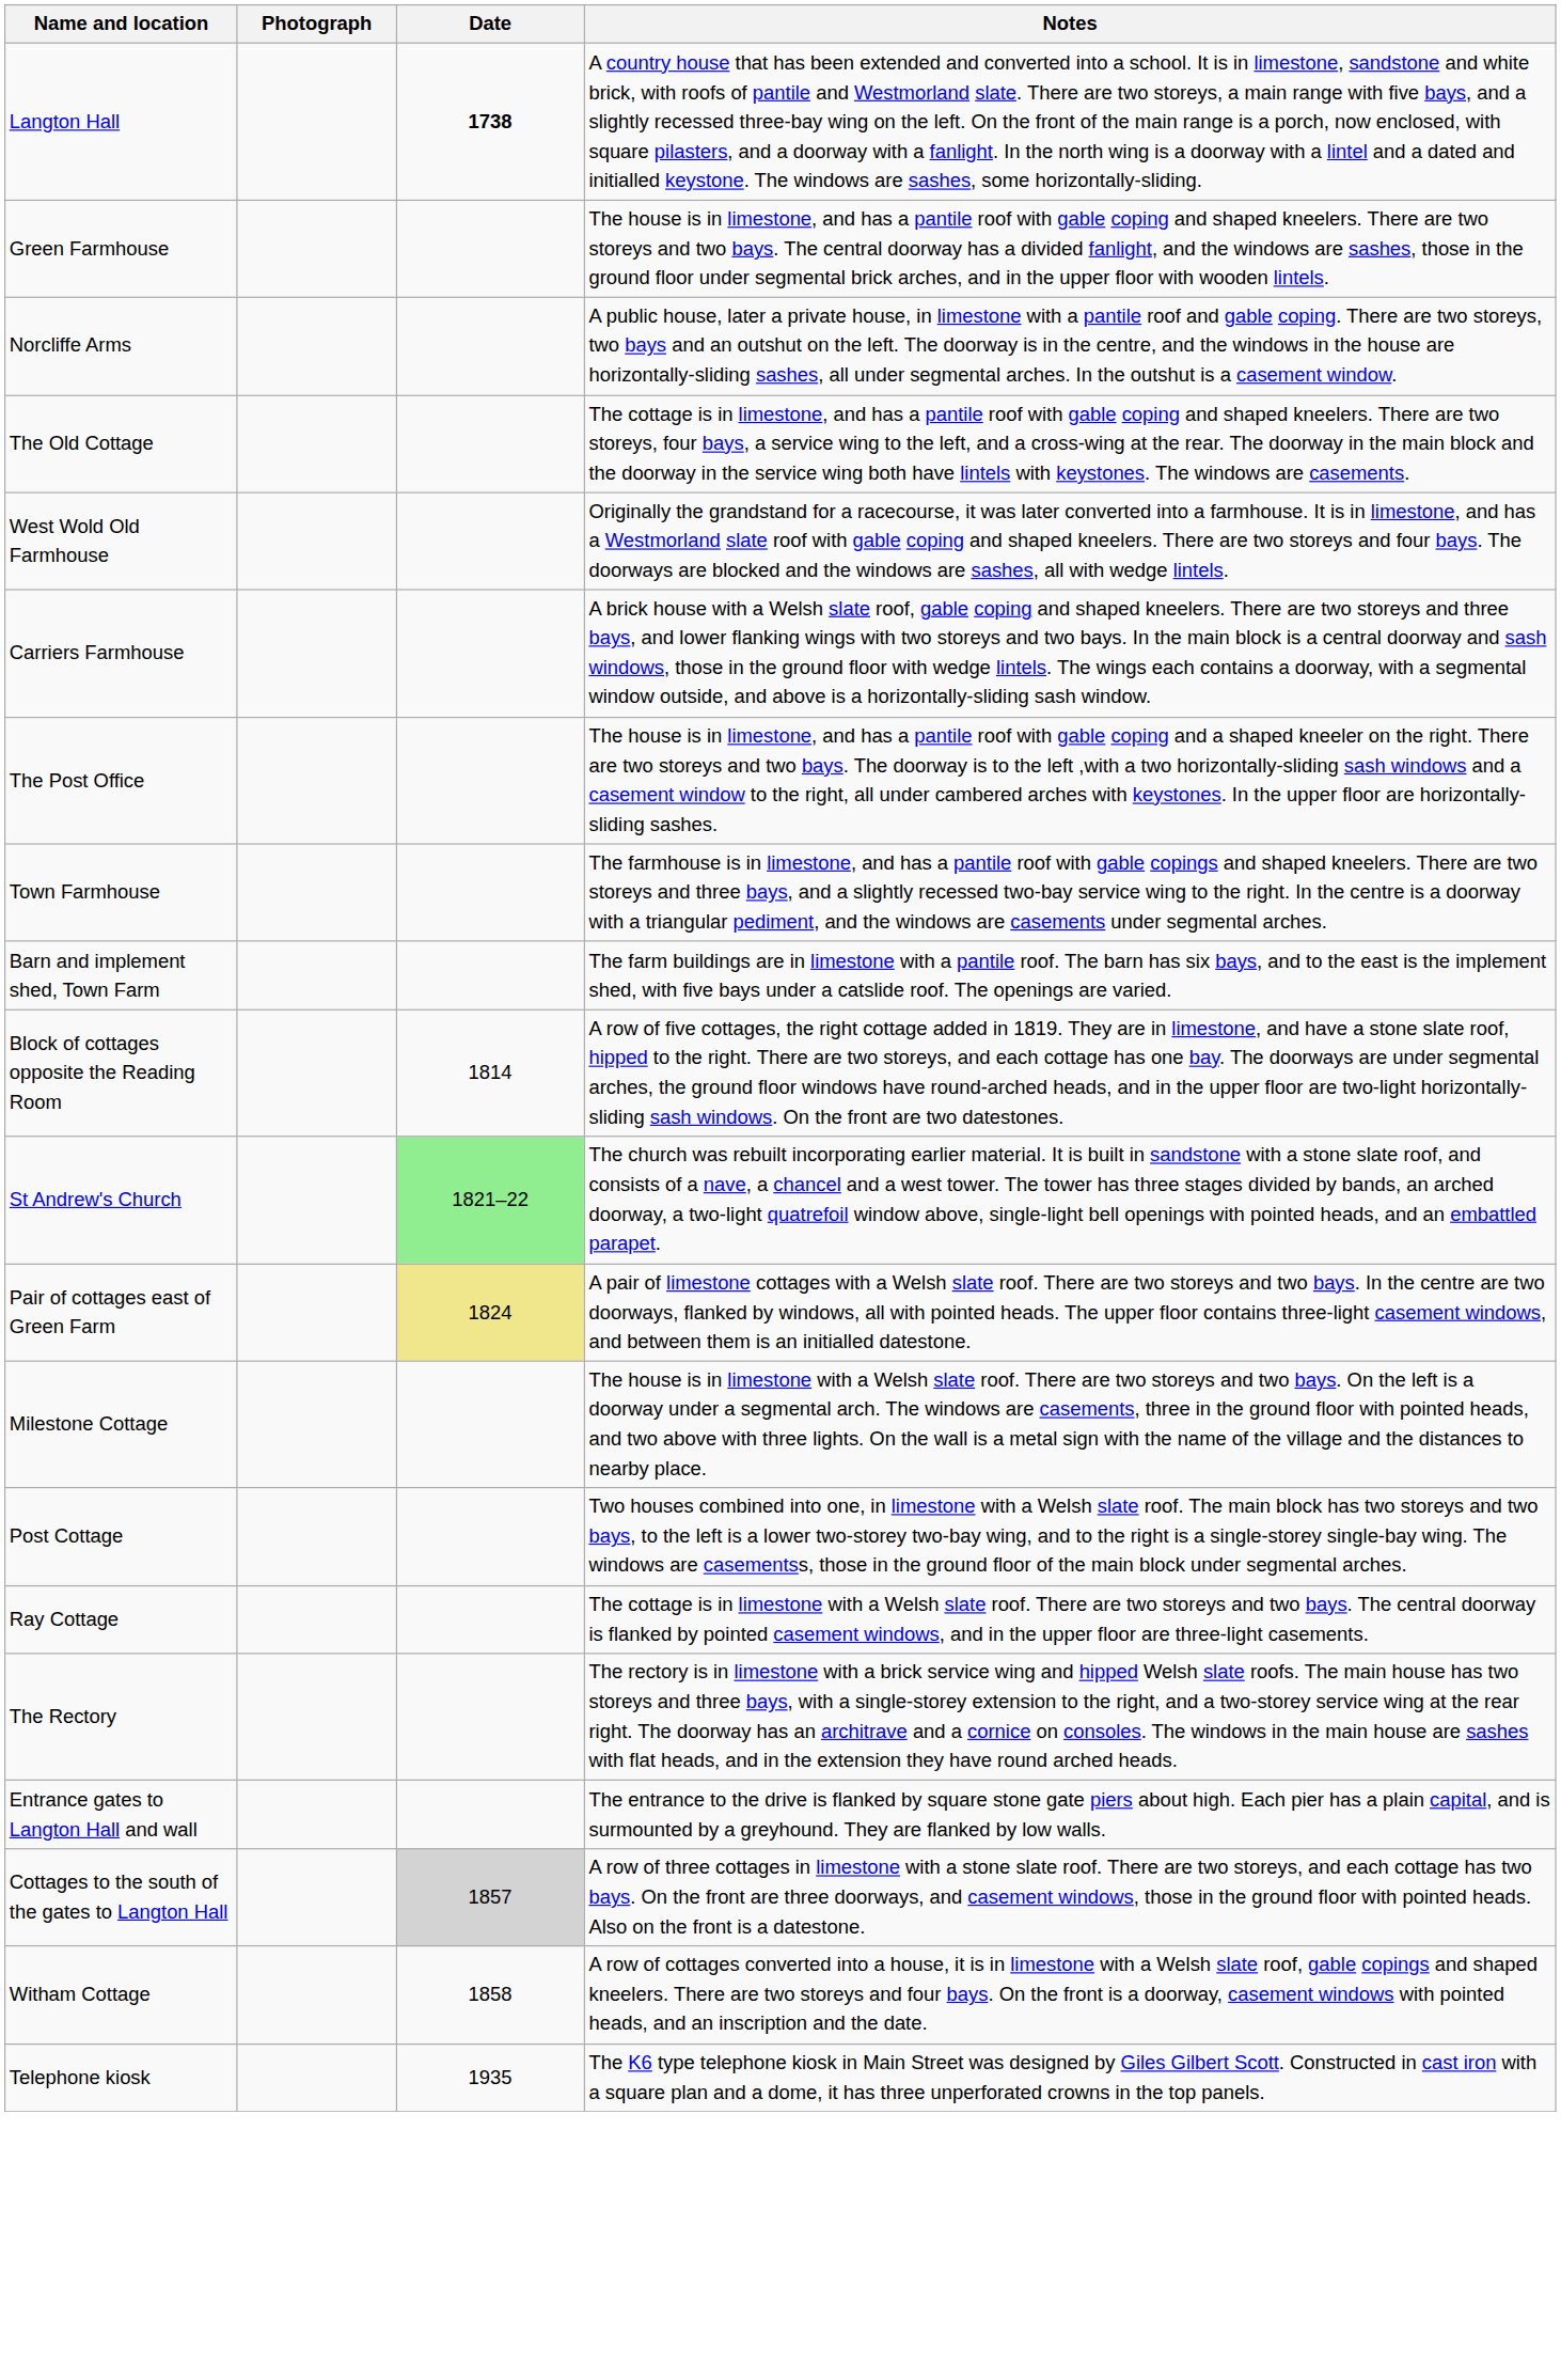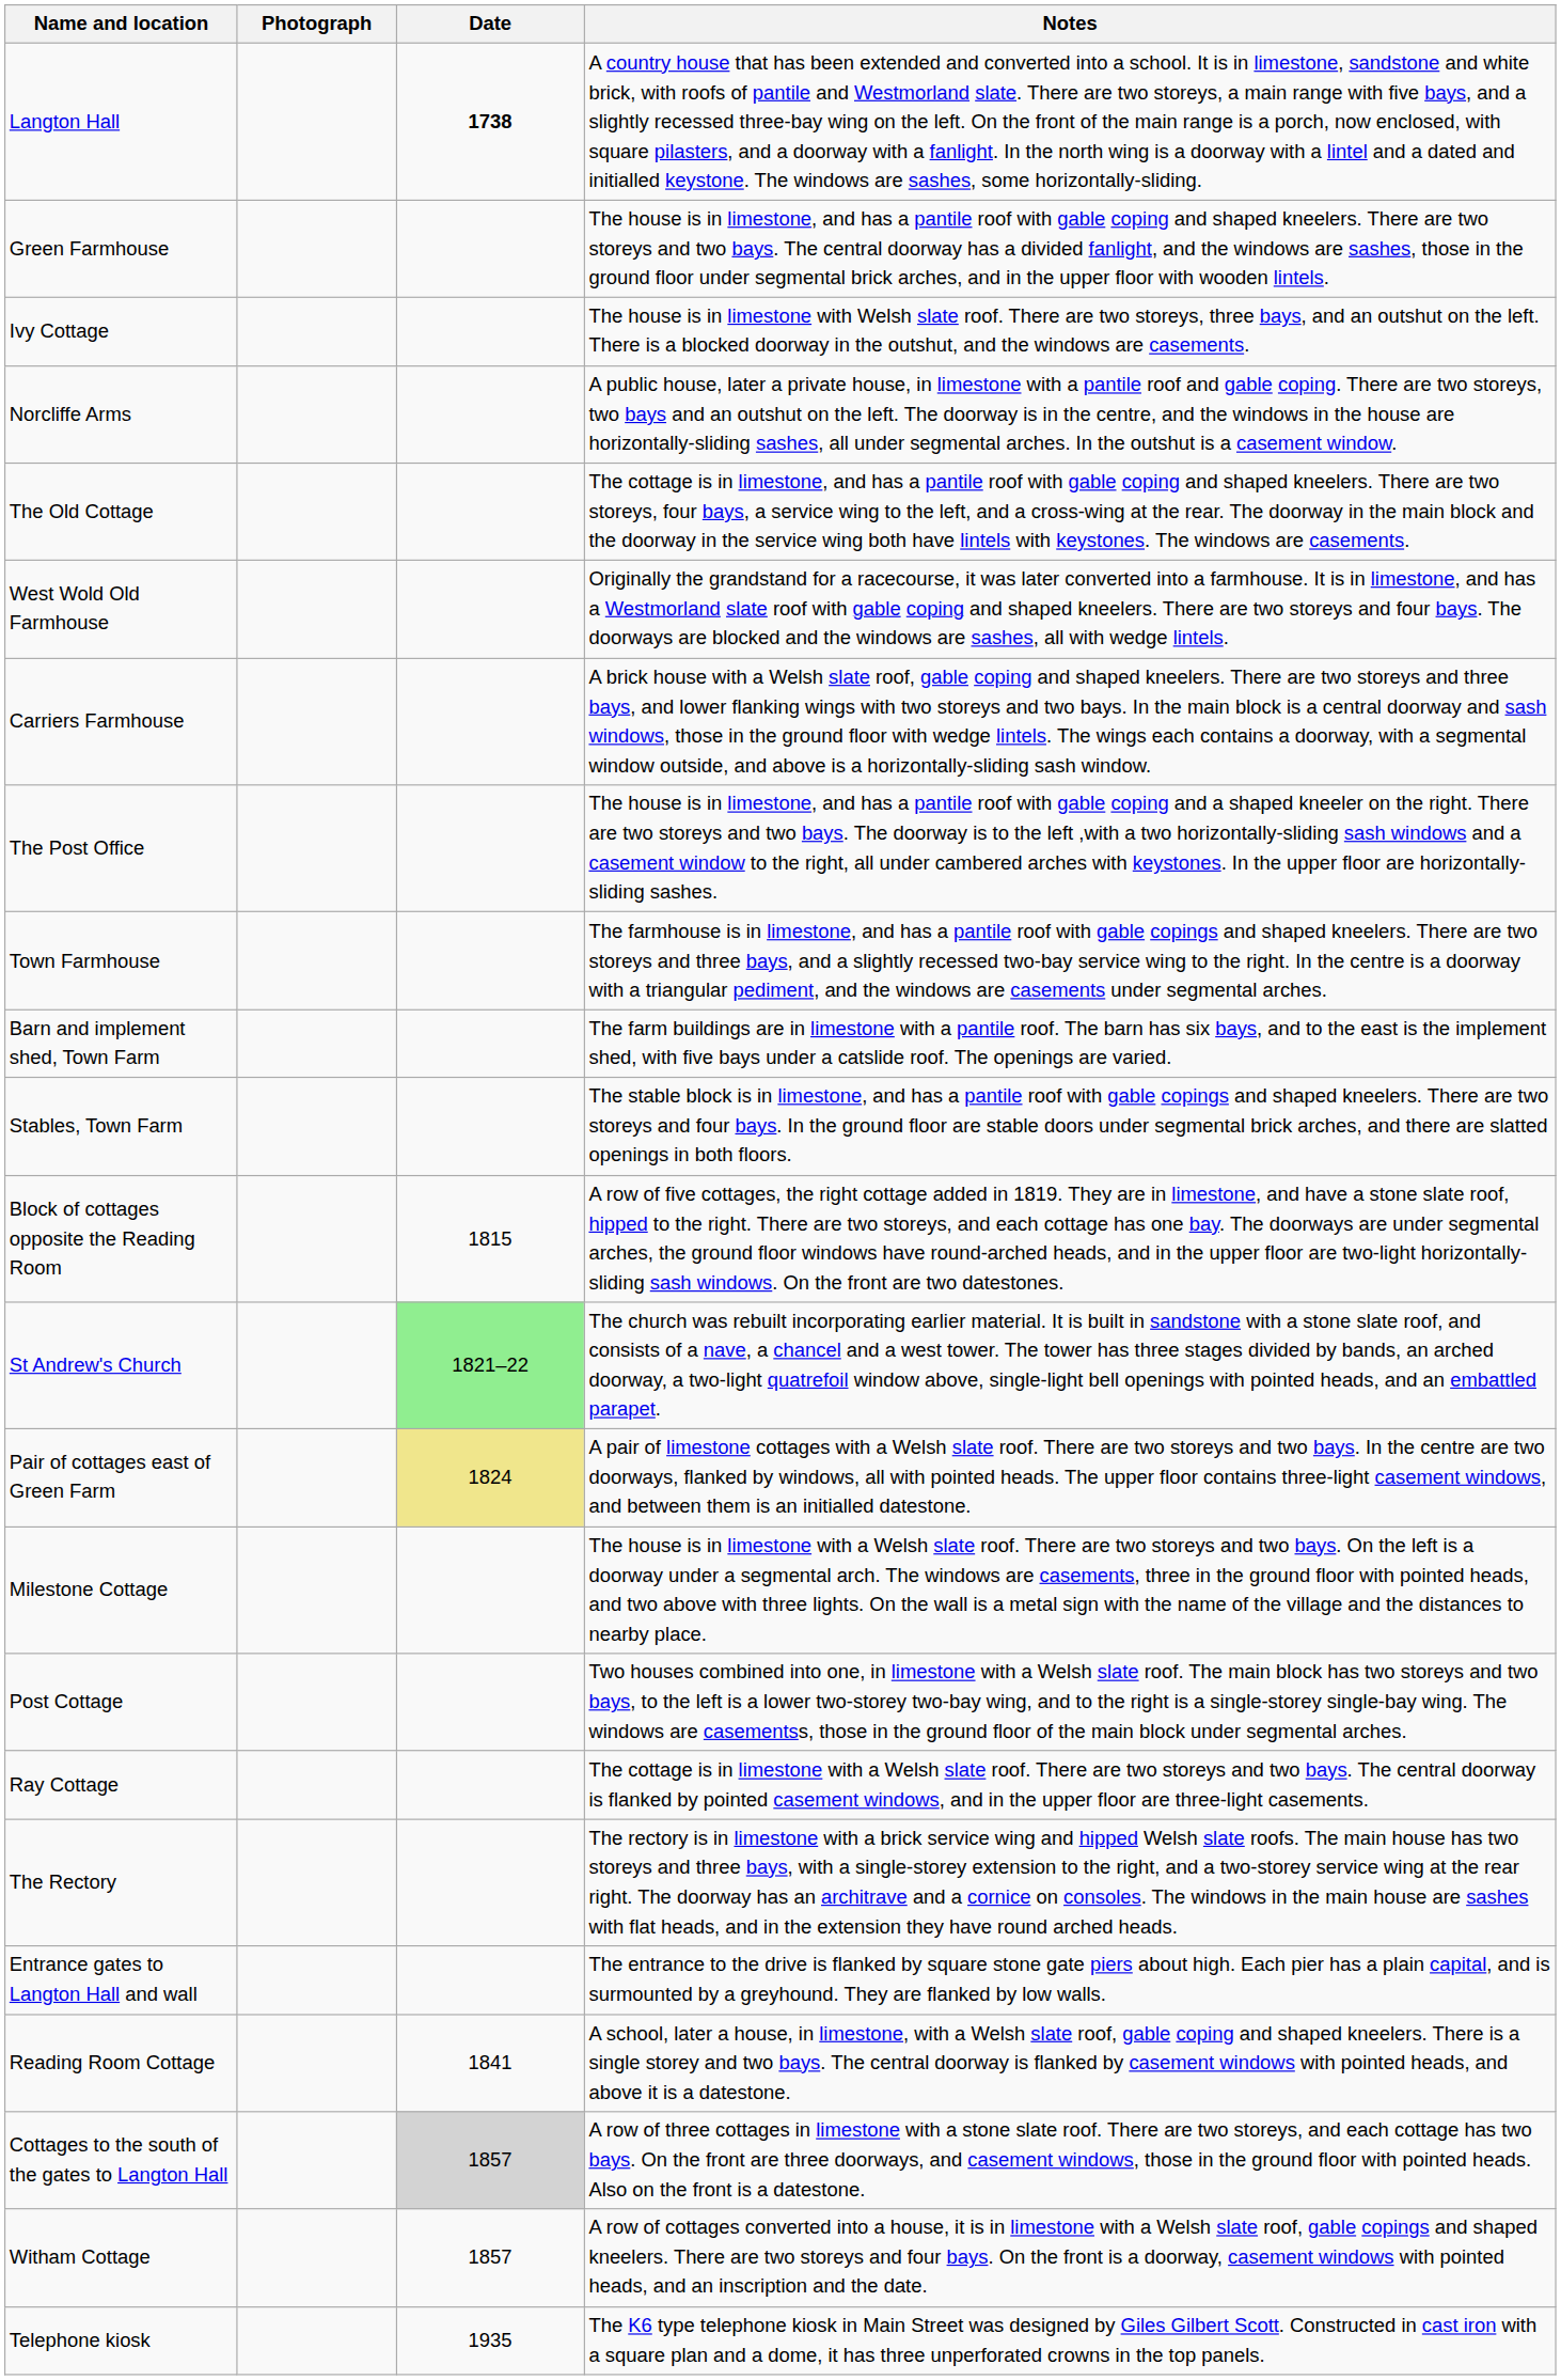 <table class="wikitable sortable plainrowheaders" style="width:100%;border:0px;text-align:left;line-height:150%;">
 <tr>
 <th scope="col"  style="width:150px">Name and location</th>
 <th scope="col"  style="width:100px" class="unsortable">Photograph</th>
 <th scope="col"  style="width:120px">Date</th>
 <th scope="col"  style="width:650px" class="unsortable">Notes</th>
 </tr>
 <tr>
 <td><a href='#'>Langton Hall</a><br><small></small></td>
 <td></td>
 <td align="center"><strong>1738</strong></td>
 <td>A <a href='#'>country house</a> that has been extended and converted into a school. It is in <a href='#'>limestone</a>, <a href='#'>sandstone</a> and white brick, with roofs of <a href='#'>pantile</a> and <a href='#'>Westmorland</a> <a href='#'>slate</a>. There are two storeys, a main range with five <a href='#'>bays</a>, and a slightly recessed three-bay wing on the left. On the front of the main range is a porch, now enclosed, with square <a href='#'>pilasters</a>, and a doorway with a <a href='#'>fanlight</a>. In the north wing is a doorway with a <a href='#'>lintel</a> and a dated and initialled <a href='#'>keystone</a>. The windows are <a href='#'>sashes</a>, some horizontally-sliding.</td>
 </tr>
 <tr>
 <td>Green Farmhouse<br><small></small></td>
 <td></td>
 <td align="center"></td>
 <td>The house is in <a href='#'>limestone</a>, and has a <a href='#'>pantile</a> roof with <a href='#'>gable</a> <a href='#'>coping</a> and shaped kneelers.  There are two storeys and two <a href='#'>bays</a>. The central doorway has a divided <a href='#'>fanlight</a>, and the windows are <a href='#'>sashes</a>, those in the ground floor under segmental brick arches, and in the upper floor with wooden <a href='#'>lintels</a>.</td>
+</tr>
+<tr>
+<td>Ivy Cottage<br><small></small></td>
+<td></td>
+<td align="center"></td>
+<td>The house is in <a href='#'>limestone</a> with  Welsh <a href='#'>slate</a> roof. There are two storeys, three <a href='#'>bays</a>, and an outshut on the left. There is a blocked doorway in the outshut, and the windows are <a href='#'>casements</a>.</td>
 </tr>
 <tr>
 <td>Norcliffe Arms<br><small></small></td>
 <td></td>
 <td align="center"></td>
 <td>A public house, later a private house, in <a href='#'>limestone</a> with a <a href='#'>pantile</a> roof and <a href='#'>gable</a> <a href='#'>coping</a>. There are two storeys, two <a href='#'>bays</a> and an outshut on the left. The doorway is in the centre, and the windows in the house are horizontally-sliding <a href='#'>sashes</a>, all under segmental arches. In the outshut is a <a href='#'>casement window</a>.</td>
 </tr>
 <tr>
 <td>The Old Cottage<br><small></small></td>
 <td></td>
 <td align="center"></td>
 <td>The cottage is in <a href='#'>limestone</a>, and has a <a href='#'>pantile</a> roof with <a href='#'>gable</a> <a href='#'>coping</a> and shaped kneelers. There are two storeys, four <a href='#'>bays</a>, a service wing to the left, and a cross-wing at the rear. The doorway in the main block and the doorway in the service wing both have <a href='#'>lintels</a> with <a href='#'>keystones</a>. The windows are <a href='#'>casements</a>.</td>
 </tr>
 <tr>
 <td>West Wold Old Farmhouse<br><small></small></td>
 <td></td>
 <td align="center"></td>
 <td>Originally the grandstand for a racecourse, it was later converted into a farmhouse. It is in <a href='#'>limestone</a>, and has a <a href='#'>Westmorland</a> <a href='#'>slate</a> roof with <a href='#'>gable</a> <a href='#'>coping</a> and shaped kneelers. There are two storeys and four <a href='#'>bays</a>. The doorways are blocked and the windows are <a href='#'>sashes</a>, all with wedge <a href='#'>lintels</a>.</td>
 </tr>
 <tr>
 <td>Carriers Farmhouse<br><small></small></td>
 <td></td>
 <td align="center"></td>
 <td>A brick house with a Welsh <a href='#'>slate</a> roof, <a href='#'>gable</a> <a href='#'>coping</a> and shaped kneelers.  There are two storeys and three <a href='#'>bays</a>, and lower flanking wings with two storeys and two bays. In the main block is a central doorway and <a href='#'>sash windows</a>, those in the ground floor with wedge <a href='#'>lintels</a>. The wings each contains a doorway, with a segmental window outside, and above is a horizontally-sliding sash window.</td>
 </tr>
 <tr>
 <td>The Post Office<br><small></small></td>
 <td></td>
 <td align="center"></td>
 <td>The house is in <a href='#'>limestone</a>, and has a <a href='#'>pantile</a> roof with <a href='#'>gable</a> <a href='#'>coping</a> and a shaped kneeler on the right. There are two storeys and two <a href='#'>bays</a>. The doorway is to the left ,with a two horizontally-sliding <a href='#'>sash windows</a> and a <a href='#'>casement window</a> to the right, all under cambered arches with <a href='#'>keystones</a>. In the upper floor are horizontally-sliding sashes.</td>
 </tr>
 <tr>
 <td>Town Farmhouse<br><small></small></td>
 <td></td>
 <td align="center"></td>
 <td>The farmhouse is in <a href='#'>limestone</a>, and has a <a href='#'>pantile</a> roof with <a href='#'>gable</a> <a href='#'>copings</a> and shaped kneelers. There are two storeys and three <a href='#'>bays</a>, and a slightly recessed two-bay service wing to the right. In the centre is a doorway with a triangular <a href='#'>pediment</a>, and the windows are <a href='#'>casements</a> under segmental arches.</td>
 </tr>
 <tr>
 <td>Barn and implement shed, Town Farm<br><small></small></td>
 <td></td>
 <td align="center"></td>
 <td>The farm buildings are in <a href='#'>limestone</a> with a <a href='#'>pantile</a> roof. The barn has six <a href='#'>bays</a>, and to the east is the implement shed, with five bays under a catslide roof.  The openings are varied.</td>
 </tr>
 <tr>
+<td>Stables, Town Farm<br><small></small></td>
+<td></td>
+<td align="center"></td>
+<td>The stable block is in <a href='#'>limestone</a>, and has a <a href='#'>pantile</a> roof with <a href='#'>gable</a> <a href='#'>copings</a> and shaped kneelers. There are two storeys and four <a href='#'>bays</a>. In the ground floor are stable doors under segmental brick arches, and there are slatted openings in both floors.</td>
+</tr>
+<tr>
 <td>Block of cottages opposite the Reading Room<br><small></small></td>
 <td></td>
-<td align="center">1814</td>
+<td align="center">1815</td>
 <td>A row of five cottages, the right cottage added in 1819. They are in <a href='#'>limestone</a>, and have a stone slate roof, <a href='#'>hipped</a> to the right. There are two storeys, and each cottage has one <a href='#'>bay</a>. The doorways are under segmental arches, the ground floor windows have round-arched heads, and in the upper floor are two-light horizontally-sliding <a href='#'>sash windows</a>.  On the front are two datestones.</td>
 </tr>
 <tr>
 <td><a href='#'>St Andrew's Church</a><br><small></small></td>
 <td></td>
 <td align="center" style="background: lightgreen;">1821–22</td>
 <td>The church was rebuilt incorporating earlier material. It is built in <a href='#'>sandstone</a> with a stone slate roof, and consists of a <a href='#'>nave</a>, a <a href='#'>chancel</a> and a west tower. The tower has three stages divided by bands, an arched doorway, a two-light <a href='#'>quatrefoil</a> window above, single-light bell openings with pointed heads, and an <a href='#'>embattled</a> <a href='#'>parapet</a>.</td>
 </tr>
 <tr>
 <td>Pair of cottages east of Green Farm<br><small></small></td>
 <td></td>
 <td align="center" style="background: khaki;">1824</td>
 <td>A pair of <a href='#'>limestone</a> cottages with a Welsh <a href='#'>slate</a> roof. There are two storeys and two <a href='#'>bays</a>. In the centre are two doorways, flanked by windows, all with pointed heads. The upper floor contains three-light <a href='#'>casement windows</a>, and between them is an initialled datestone.</td>
 </tr>
 <tr>
 <td>Milestone Cottage<br><small></small></td>
 <td></td>
 <td align="center"></td>
 <td>The house is in <a href='#'>limestone</a> with a Welsh <a href='#'>slate</a> roof. There are two storeys and two <a href='#'>bays</a>. On the left is a doorway under a segmental arch. The windows are <a href='#'>casements</a>, three in the ground floor with pointed heads, and two above with three lights. On the wall is a metal sign with the name of the village and the distances to nearby place.</td>
 </tr>
 <tr>
 <td>Post Cottage<br><small></small></td>
 <td></td>
 <td align="center"></td>
 <td>Two houses combined into one, in <a href='#'>limestone</a> with a Welsh <a href='#'>slate</a> roof. The main block has two storeys and two <a href='#'>bays</a>, to the left is a lower two-storey two-bay wing, and to the right is a single-storey single-bay wing. The windows are <a href='#'>casements</a>s, those in the ground floor of the main block under segmental arches.</td>
 </tr>
 <tr>
 <td>Ray Cottage<br><small></small></td>
 <td></td>
 <td align="center"></td>
 <td>The cottage is in <a href='#'>limestone</a> with a Welsh <a href='#'>slate</a> roof. There are two storeys and two <a href='#'>bays</a>. The central doorway is flanked by pointed <a href='#'>casement windows</a>, and in the upper floor are three-light casements.</td>
 </tr>
 <tr>
 <td>The Rectory<br><small></small></td>
 <td></td>
 <td align="center"></td>
 <td>The rectory is in <a href='#'>limestone</a> with a brick service wing and <a href='#'>hipped</a> Welsh <a href='#'>slate</a> roofs. The main house has two storeys and three <a href='#'>bays</a>, with a single-storey extension to the right, and a two-storey service wing at the rear right. The doorway has an <a href='#'>architrave</a> and a <a href='#'>cornice</a> on <a href='#'>consoles</a>. The windows in the main house are <a href='#'>sashes</a> with flat heads, and in the extension they have round arched heads.</td>
 </tr>
 <tr>
 <td>Entrance gates to <a href='#'>Langton Hall</a> and wall<br><small></small></td>
 <td></td>
 <td align="center"></td>
 <td>The entrance to the drive is flanked by square stone gate <a href='#'>piers</a> about  high. Each pier has a plain <a href='#'>capital</a>, and is surmounted by a greyhound. They are flanked by low walls.</td>
 </tr>
 <tr>
+<td>Reading Room Cottage<br><small></small></td>
+<td></td>
+<td align="center">1841</td>
+<td>A school, later a house, in <a href='#'>limestone</a>, with a Welsh <a href='#'>slate</a> roof, <a href='#'>gable</a> <a href='#'>coping</a> and shaped kneelers. There is a single storey and two <a href='#'>bays</a>. The central doorway is flanked by <a href='#'>casement windows</a> with pointed heads, and above it is a datestone.</td>
+</tr>
+<tr>
 <td>Cottages to the south of the gates to <a href='#'>Langton Hall</a><br><small></small></td>
 <td></td>
 <td align="center" style="background: lightgrey;">1857</td>
 <td>A row of three cottages in <a href='#'>limestone</a> with a stone slate roof. There are two storeys, and each cottage has two <a href='#'>bays</a>. On the front are three doorways, and <a href='#'>casement windows</a>, those in the ground floor with pointed heads. Also on the front is a datestone.</td>
 </tr>
 <tr>
 <td>Witham Cottage<br><small></small></td>
 <td></td>
-<td align="center">1858</td>
+<td align="center">1857</td>
 <td>A row of cottages converted into a house, it is in <a href='#'>limestone</a> with a Welsh <a href='#'>slate</a> roof, <a href='#'>gable</a> <a href='#'>copings</a> and shaped kneelers. There are two storeys and four <a href='#'>bays</a>. On the front is a doorway, <a href='#'>casement windows</a> with pointed heads, and an inscription and the date.</td>
 </tr>
 <tr>
 <td>Telephone kiosk<br><small></small></td>
 <td></td>
 <td align="center">1935</td>
 <td>The <a href='#'>K6</a> type telephone kiosk in Main Street was designed by <a href='#'>Giles Gilbert Scott</a>. Constructed in <a href='#'>cast iron</a> with a square plan and a dome, it has three unperforated crowns in the top panels.</td>
 </tr>
 </table>
